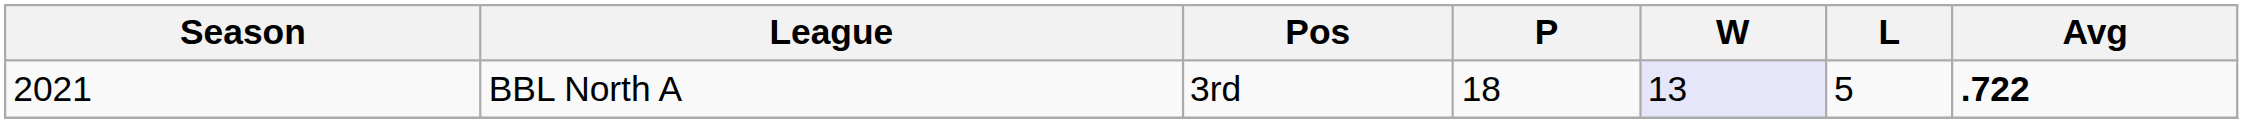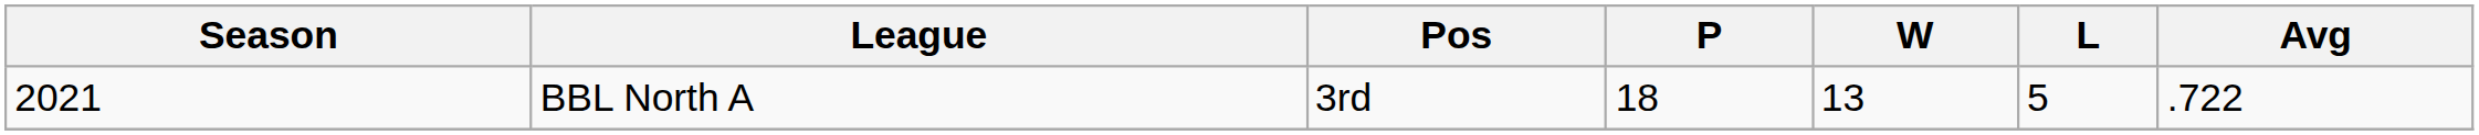 <table class="wikitable" style="width:80%">
 <tr>
 <th>Season</th>
 <th>League</th>
 <th>Pos</th>
 <th>P</th>
 <th>W</th>
 <th>L</th>
 <th>Avg</th>
 </tr>
 <tr>
 <td>2021</td>
 <td>BBL North A</td>
 <td>3rd</td>
 <td>18</td>
-<td style="background: lavender;">13</td>
+<td>13</td>
 <td>5</td>
-<td><strong>.722</strong></td>
+<td>.722</td>
 </tr>
 <tr>
 </tr>
 </table>
